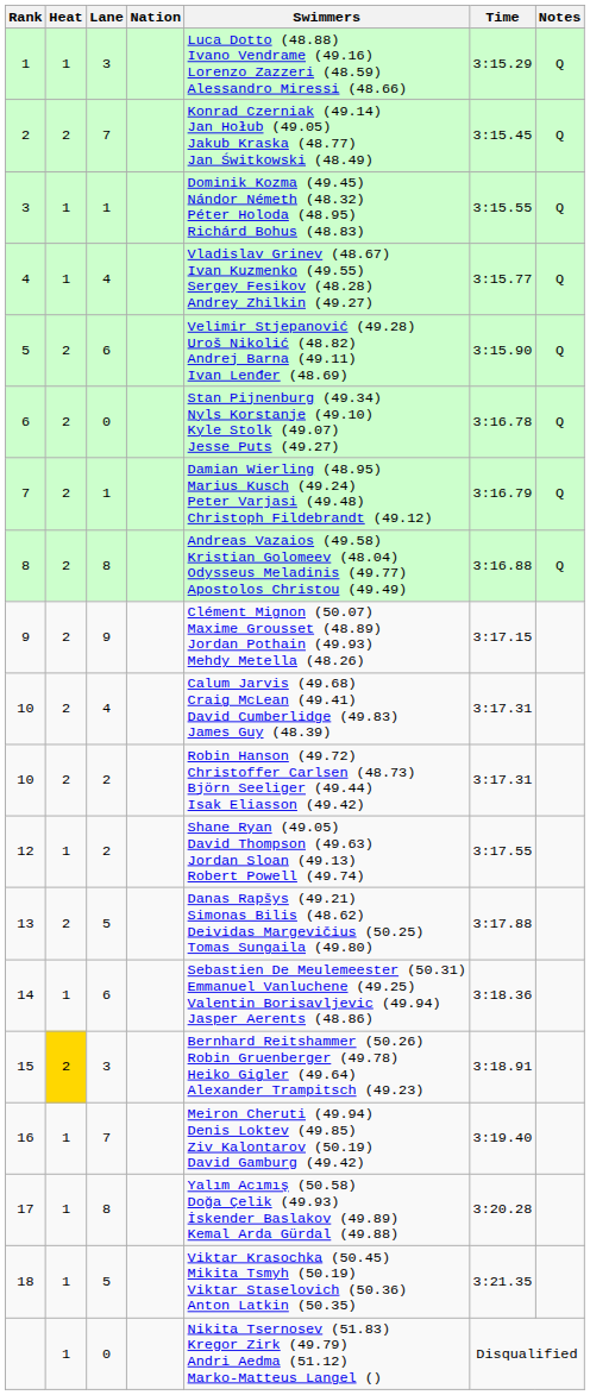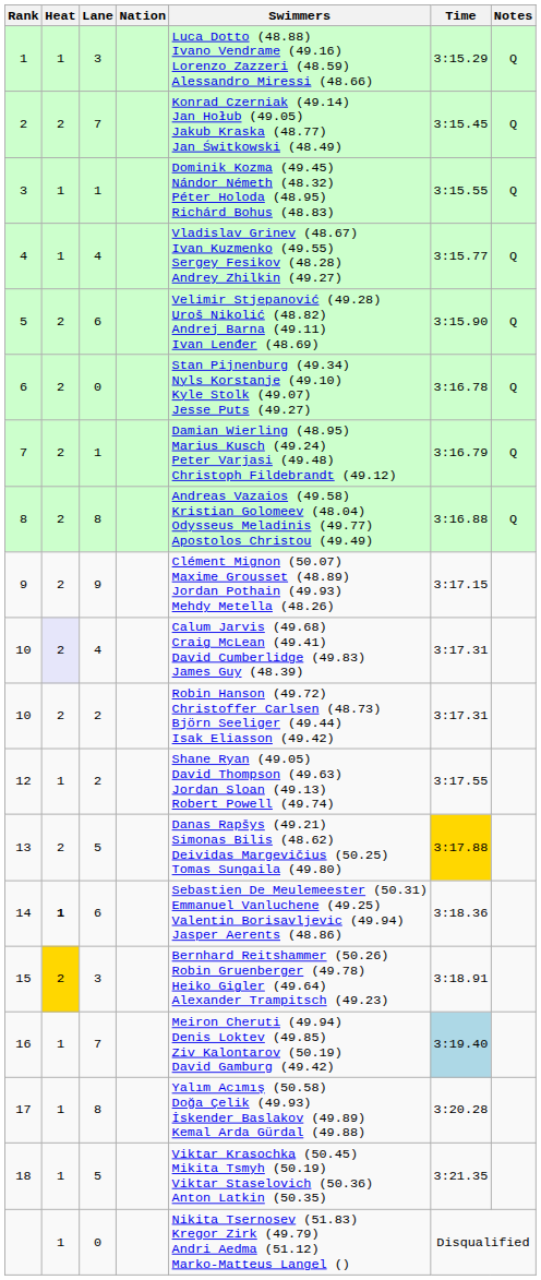 <table class="wikitable sortable" style="text-align:center">
 <tr>
 <th>Rank</th>
 <th>Heat</th>
 <th>Lane</th>
 <th>Nation</th>
 <th>Swimmers</th>
 <th>Time</th>
 <th>Notes</th>
 </tr>
 <tr bgcolor=ccffcc>
 <td>1</td>
 <td>1</td>
 <td>3</td>
 <td align=left></td>
 <td align=left><a href='#'>Luca Dotto</a> (48.88)<br><a href='#'>Ivano Vendrame</a> (49.16)<br><a href='#'>Lorenzo Zazzeri</a> (48.59)<br><a href='#'>Alessandro Miressi</a> (48.66)</td>
 <td>3:15.29</td>
 <td>Q</td>
 </tr>
 <tr bgcolor=ccffcc>
 <td>2</td>
 <td>2</td>
 <td>7</td>
 <td align=left></td>
 <td align=left><a href='#'>Konrad Czerniak</a> (49.14)<br><a href='#'>Jan Hołub</a> (49.05)<br><a href='#'>Jakub Kraska</a> (48.77)<br><a href='#'>Jan Świtkowski</a> (48.49)</td>
 <td>3:15.45</td>
 <td>Q</td>
 </tr>
 <tr bgcolor=ccffcc>
 <td>3</td>
 <td>1</td>
 <td>1</td>
 <td align=left></td>
 <td align=left><a href='#'>Dominik Kozma</a> (49.45)<br><a href='#'>Nándor Németh</a> (48.32)<br><a href='#'>Péter Holoda</a> (48.95)<br><a href='#'>Richárd Bohus</a> (48.83)</td>
 <td>3:15.55</td>
 <td>Q</td>
 </tr>
 <tr bgcolor=ccffcc>
 <td>4</td>
 <td>1</td>
 <td>4</td>
 <td align=left></td>
 <td align=left><a href='#'>Vladislav Grinev</a> (48.67)<br><a href='#'>Ivan Kuzmenko</a> (49.55)<br><a href='#'>Sergey Fesikov</a> (48.28)<br><a href='#'>Andrey Zhilkin</a> (49.27)</td>
 <td>3:15.77</td>
 <td>Q</td>
 </tr>
 <tr bgcolor=ccffcc>
 <td>5</td>
 <td>2</td>
 <td>6</td>
 <td align=left></td>
 <td align=left><a href='#'>Velimir Stjepanović</a> (49.28)<br><a href='#'>Uroš Nikolić</a> (48.82)<br><a href='#'>Andrej Barna</a> (49.11)<br><a href='#'>Ivan Lenđer</a> (48.69)</td>
 <td>3:15.90</td>
 <td>Q</td>
 </tr>
 <tr bgcolor=ccffcc>
 <td>6</td>
 <td>2</td>
 <td>0</td>
 <td align=left></td>
 <td align=left><a href='#'>Stan Pijnenburg</a> (49.34)<br><a href='#'>Nyls Korstanje</a> (49.10)<br><a href='#'>Kyle Stolk</a> (49.07)<br><a href='#'>Jesse Puts</a> (49.27)</td>
 <td>3:16.78</td>
 <td>Q</td>
 </tr>
 <tr bgcolor=ccffcc>
 <td>7</td>
 <td>2</td>
 <td>1</td>
 <td align=left></td>
 <td align=left><a href='#'>Damian Wierling</a> (48.95)<br><a href='#'>Marius Kusch</a> (49.24)<br><a href='#'>Peter Varjasi</a> (49.48)<br><a href='#'>Christoph Fildebrandt</a> (49.12)</td>
 <td>3:16.79</td>
 <td>Q</td>
 </tr>
 <tr bgcolor=ccffcc>
 <td>8</td>
 <td>2</td>
 <td>8</td>
 <td align=left></td>
 <td align=left><a href='#'>Andreas Vazaios</a> (49.58)<br><a href='#'>Kristian Golomeev</a> (48.04)<br><a href='#'>Odysseus Meladinis</a> (49.77)<br><a href='#'>Apostolos Christou</a> (49.49)</td>
 <td>3:16.88</td>
 <td>Q</td>
 </tr>
 <tr>
 <td>9</td>
 <td>2</td>
 <td>9</td>
 <td align=left></td>
 <td align=left><a href='#'>Clément Mignon</a> (50.07)<br><a href='#'>Maxime Grousset</a> (48.89)<br><a href='#'>Jordan Pothain</a> (49.93)<br><a href='#'>Mehdy Metella</a> (48.26)</td>
 <td>3:17.15</td>
 <td></td>
 </tr>
 <tr>
 <td>10</td>
-<td>2</td>
+<td style="background: lavender;">2</td>
 <td>4</td>
 <td align=left></td>
 <td align=left><a href='#'>Calum Jarvis</a> (49.68)<br><a href='#'>Craig McLean</a> (49.41)<br><a href='#'>David Cumberlidge</a> (49.83)<br><a href='#'>James Guy</a> (48.39)</td>
 <td>3:17.31</td>
 <td></td>
 </tr>
 <tr>
 <td>10</td>
 <td>2</td>
 <td>2</td>
 <td align=left></td>
 <td align=left><a href='#'>Robin Hanson</a> (49.72)<br><a href='#'>Christoffer Carlsen</a> (48.73)<br><a href='#'>Björn Seeliger</a> (49.44)<br><a href='#'>Isak Eliasson</a> (49.42)</td>
 <td>3:17.31</td>
 <td></td>
 </tr>
 <tr>
 <td>12</td>
 <td>1</td>
 <td>2</td>
 <td align=left></td>
 <td align=left><a href='#'>Shane Ryan</a> (49.05)<br><a href='#'>David Thompson</a> (49.63)<br><a href='#'>Jordan Sloan</a> (49.13)<br><a href='#'>Robert Powell</a> (49.74)</td>
 <td>3:17.55</td>
 <td></td>
 </tr>
 <tr>
 <td>13</td>
 <td>2</td>
 <td>5</td>
 <td align=left></td>
 <td align=left><a href='#'>Danas Rapšys</a> (49.21)<br><a href='#'>Simonas Bilis</a> (48.62)<br><a href='#'>Deividas Margevičius</a> (50.25)<br><a href='#'>Tomas Sungaila</a> (49.80)</td>
-<td>3:17.88</td>
+<td style="background: gold;">3:17.88</td>
 <td></td>
 </tr>
 <tr>
 <td>14</td>
-<td>1</td>
+<td><strong>1</strong></td>
 <td>6</td>
 <td align=left></td>
 <td align=left><a href='#'>Sebastien De Meulemeester</a> (50.31)<br><a href='#'>Emmanuel Vanluchene</a> (49.25)<br><a href='#'>Valentin Borisavljevic</a> (49.94)<br><a href='#'>Jasper Aerents</a> (48.86)</td>
 <td>3:18.36</td>
 <td></td>
 </tr>
 <tr>
 <td>15</td>
 <td style="background: gold;">2</td>
 <td>3</td>
 <td align=left></td>
 <td align=left><a href='#'>Bernhard Reitshammer</a> (50.26)<br><a href='#'>Robin Gruenberger</a> (49.78)<br><a href='#'>Heiko Gigler</a> (49.64)<br><a href='#'>Alexander Trampitsch</a> (49.23)</td>
 <td>3:18.91</td>
 <td></td>
 </tr>
 <tr>
 <td>16</td>
 <td>1</td>
 <td>7</td>
 <td align=left></td>
 <td align=left><a href='#'>Meiron Cheruti</a> (49.94)<br><a href='#'>Denis Loktev</a> (49.85)<br><a href='#'>Ziv Kalontarov</a> (50.19)<br><a href='#'>David Gamburg</a> (49.42)</td>
-<td>3:19.40</td>
+<td style="background: lightblue;">3:19.40</td>
 <td></td>
 </tr>
 <tr>
 <td>17</td>
 <td>1</td>
 <td>8</td>
 <td align=left></td>
 <td align=left><a href='#'>Yalım Acımış</a> (50.58)<br><a href='#'>Doğa Çelik</a> (49.93)<br><a href='#'>İskender Baslakov</a> (49.89)<br><a href='#'>Kemal Arda Gürdal</a> (49.88)</td>
 <td>3:20.28</td>
 <td></td>
 </tr>
 <tr>
 <td>18</td>
 <td>1</td>
 <td>5</td>
 <td align=left></td>
 <td align=left><a href='#'>Viktar Krasochka</a> (50.45)<br><a href='#'>Mikita Tsmyh</a> (50.19)<br><a href='#'>Viktar Staselovich</a> (50.36)<br><a href='#'>Anton Latkin</a> (50.35)</td>
 <td>3:21.35</td>
 <td></td>
 </tr>
 <tr>
 <td></td>
 <td>1</td>
 <td>0</td>
 <td align=left></td>
 <td align=left><a href='#'>Nikita Tsernosev</a> (51.83)<br><a href='#'>Kregor Zirk</a> (49.79)<br><a href='#'>Andri Aedma</a> (51.12)<br><a href='#'>Marko-Matteus Langel</a> ()</td>
 <td colspan="2">Disqualified</td>
 </tr>
 </table>
